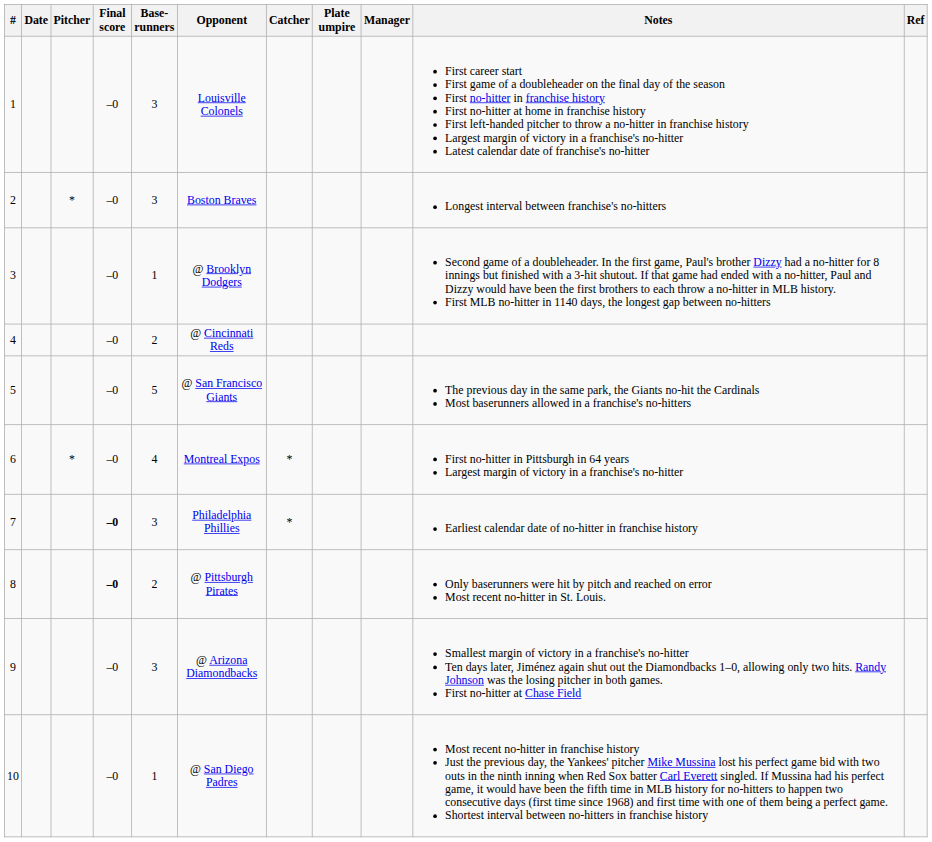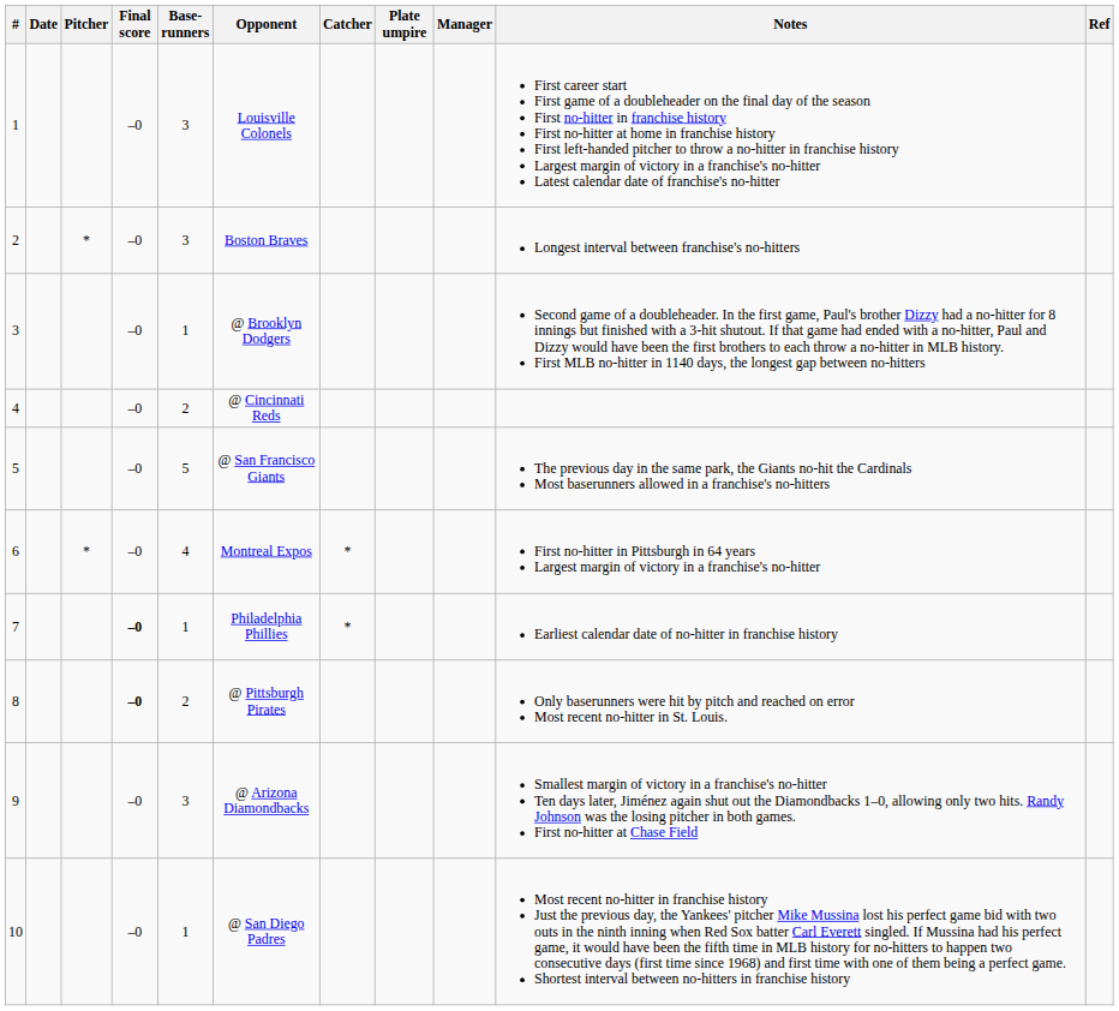 <table class="wikitable sortable" style="text-align:center" border="1">
 <tr>
 <th>#</th>
 <th>Date</th>
 <th>Pitcher</th>
 <th>Final score</th>
 <th>Base-<br>runners</th>
 <th>Opponent</th>
 <th>Catcher</th>
 <th>Plate umpire</th>
 <th>Manager</th>
 <th class="unsortable">Notes</th>
 <th class="unsortable">Ref</th>
 </tr>
 <tr>
 <td>1</td>
 <td></td>
 <td></td>
 <td>–0</td>
 <td>3</td>
 <td><a href='#'>Louisville Colonels</a></td>
 <td></td>
 <td> </td>
 <td></td>
 <td align="left"><br><ul><li>First career start</li><li>First game of a doubleheader on the final day of the season</li><li>First <a href='#'>no-hitter</a> in <a href='#'>franchise history</a></li><li>First no-hitter at home in franchise history</li><li>First left-handed pitcher to throw a no-hitter in franchise history</li><li>Largest margin of victory in a franchise's no-hitter</li><li>Latest calendar date of franchise's no-hitter</li></ul></td>
 <td></td>
 </tr>
 <tr>
 <td>2</td>
 <td></td>
 <td>*</td>
 <td>–0</td>
 <td>3</td>
 <td><a href='#'>Boston Braves</a></td>
 <td></td>
 <td> </td>
 <td></td>
 <td align="left"><br><ul><li>Longest interval between franchise's no-hitters</li></ul></td>
 <td></td>
 </tr>
 <tr>
 <td>3</td>
 <td></td>
 <td></td>
 <td>–0</td>
 <td>1</td>
 <td>@ <a href='#'>Brooklyn Dodgers</a></td>
 <td></td>
 <td></td>
 <td></td>
 <td align="left"><br><ul><li>Second game of a doubleheader. In the first game, Paul's brother <a href='#'>Dizzy</a> had a no-hitter for 8 innings but finished with a 3-hit shutout. If that game had ended with a no-hitter, Paul and Dizzy would have been the first brothers to each throw a no-hitter in MLB history.</li><li>First MLB no-hitter in 1140 days, the longest gap between no-hitters</li></ul></td>
 <td></td>
 </tr>
 <tr>
 <td>4</td>
 <td></td>
 <td></td>
 <td>–0</td>
 <td>2</td>
 <td>@ <a href='#'>Cincinnati Reds</a></td>
 <td></td>
 <td></td>
 <td></td>
 <td align="left"></td>
 <td></td>
 </tr>
 <tr>
 <td>5</td>
 <td></td>
 <td></td>
 <td>–0</td>
 <td>5</td>
 <td>@ <a href='#'>San Francisco Giants</a></td>
 <td></td>
 <td></td>
 <td> </td>
 <td align="left"><br><ul><li>The previous day in the same park, the Giants no-hit the Cardinals</li><li>Most baserunners allowed in a franchise's no-hitters</li></ul></td>
 <td></td>
 </tr>
 <tr>
 <td>6</td>
 <td></td>
 <td>*</td>
 <td>–0</td>
 <td>4</td>
 <td><a href='#'>Montreal Expos</a></td>
 <td>* </td>
 <td> </td>
 <td> </td>
 <td align="left"><br><ul><li>First no-hitter in Pittsburgh in 64 years</li><li>Largest margin of victory in a franchise's no-hitter</li></ul></td>
 <td></td>
 </tr>
 <tr>
 <td>7</td>
 <td></td>
 <td> </td>
 <td><strong>–0</strong></td>
-<td>3</td>
+<td>1</td>
 <td><a href='#'>Philadelphia Phillies</a></td>
 <td>* </td>
 <td></td>
 <td></td>
 <td align="left"><br><ul><li>Earliest calendar date of no-hitter in franchise history</li></ul></td>
 <td></td>
 </tr>
 <tr>
 <td>8</td>
 <td></td>
 <td> </td>
 <td><strong>–0</strong></td>
 <td>2</td>
 <td>@ <a href='#'>Pittsburgh Pirates</a></td>
 <td></td>
 <td> </td>
 <td></td>
 <td align="left"><br><ul><li>Only baserunners were hit by pitch and reached on error</li><li>Most recent no-hitter in St. Louis.</li></ul></td>
 <td></td>
 </tr>
 <tr>
 <td>9</td>
 <td></td>
 <td></td>
 <td>–0</td>
 <td>3</td>
 <td>@ <a href='#'>Arizona Diamondbacks</a></td>
 <td></td>
 <td></td>
 <td> </td>
 <td align="left"><br><ul><li>Smallest margin of victory in a franchise's no-hitter</li><li>Ten days later, Jiménez again shut out the Diamondbacks 1–0, allowing only two hits. <a href='#'>Randy Johnson</a> was the losing pitcher in both games.</li><li>First no-hitter at <a href='#'>Chase Field</a></li></ul></td>
 <td></td>
 </tr>
 <tr>
 <td>10</td>
 <td></td>
 <td></td>
 <td>–0</td>
 <td>1</td>
 <td>@ <a href='#'>San Diego Padres</a></td>
 <td></td>
 <td></td>
 <td> </td>
 <td align="left"><br><ul><li>Most recent no-hitter in franchise history</li><li>Just the previous day, the Yankees' pitcher <a href='#'>Mike Mussina</a> lost his perfect game bid with two outs in the ninth inning when Red Sox batter <a href='#'>Carl Everett</a> singled. If Mussina had his perfect game, it would have been the fifth time in MLB history for no-hitters to happen two consecutive days (first time since 1968) and first time with one of them being a perfect game.</li><li>Shortest interval between no-hitters in franchise history</li></ul></td>
 <td></td>
 </tr>
 </table>
